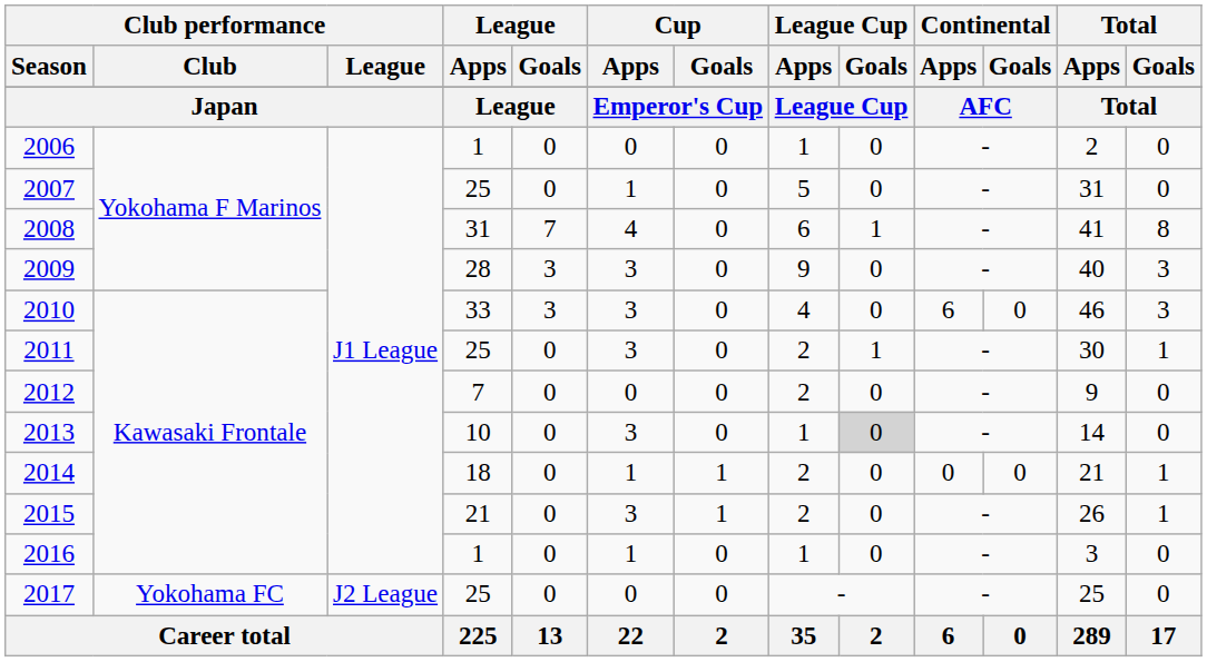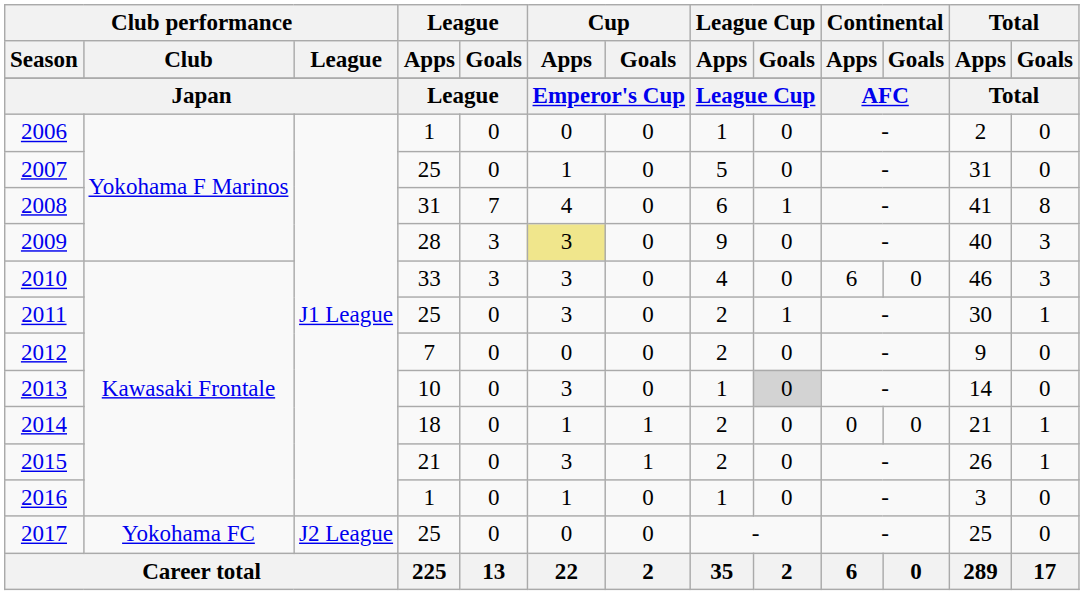 <table class="wikitable" style="text-align:center">
 <tr>
 <th colspan=3>Club performance</th>
 <th colspan=2>League</th>
 <th colspan=2>Cup</th>
 <th colspan=2>League Cup</th>
 <th colspan=2>Continental</th>
 <th colspan=2>Total</th>
 </tr>
 <tr>
 <th>Season</th>
 <th>Club</th>
 <th>League</th>
 <th>Apps</th>
 <th>Goals</th>
 <th>Apps</th>
 <th>Goals</th>
 <th>Apps</th>
 <th>Goals</th>
 <th>Apps</th>
 <th>Goals</th>
 <th>Apps</th>
 <th>Goals</th>
 </tr>
 <tr>
 </tr>
 <tr>
 <th colspan=3>Japan</th>
 <th colspan=2>League</th>
 <th colspan=2><a href='#'>Emperor's Cup</a></th>
 <th colspan=2><a href='#'>League Cup</a></th>
 <th colspan=2><a href='#'>AFC</a></th>
 <th colspan=2>Total</th>
 </tr>
 <tr>
 <td><a href='#'>2006</a></td>
 <td rowspan="4"><a href='#'>Yokohama F Marinos</a></td>
 <td rowspan="11"><a href='#'>J1 League</a></td>
 <td>1</td>
 <td>0</td>
 <td>0</td>
 <td>0</td>
 <td>1</td>
 <td>0</td>
 <td colspan="2">-</td>
 <td>2</td>
 <td>0</td>
 </tr>
 <tr>
 <td><a href='#'>2007</a></td>
 <td>25</td>
 <td>0</td>
 <td>1</td>
 <td>0</td>
 <td>5</td>
 <td>0</td>
 <td colspan="2">-</td>
 <td>31</td>
 <td>0</td>
 </tr>
 <tr>
 <td><a href='#'>2008</a></td>
 <td>31</td>
 <td>7</td>
 <td>4</td>
 <td>0</td>
 <td>6</td>
 <td>1</td>
 <td colspan="2">-</td>
 <td>41</td>
 <td>8</td>
 </tr>
 <tr>
 <td><a href='#'>2009</a></td>
 <td>28</td>
 <td>3</td>
-<td>3</td>
+<td style="background: khaki;">3</td>
 <td>0</td>
 <td>9</td>
 <td>0</td>
 <td colspan="2">-</td>
 <td>40</td>
 <td>3</td>
 </tr>
 <tr>
 <td><a href='#'>2010</a></td>
 <td rowspan="7"><a href='#'>Kawasaki Frontale</a></td>
 <td>33</td>
 <td>3</td>
 <td>3</td>
 <td>0</td>
 <td>4</td>
 <td>0</td>
 <td>6</td>
 <td>0</td>
 <td>46</td>
 <td>3</td>
 </tr>
 <tr>
 <td><a href='#'>2011</a></td>
 <td>25</td>
 <td>0</td>
 <td>3</td>
 <td>0</td>
 <td>2</td>
 <td>1</td>
 <td colspan="2">-</td>
 <td>30</td>
 <td>1</td>
 </tr>
 <tr>
 <td><a href='#'>2012</a></td>
 <td>7</td>
 <td>0</td>
 <td>0</td>
 <td>0</td>
 <td>2</td>
 <td>0</td>
 <td colspan="2">-</td>
 <td>9</td>
 <td>0</td>
 </tr>
 <tr>
 <td><a href='#'>2013</a></td>
 <td>10</td>
 <td>0</td>
 <td>3</td>
 <td>0</td>
 <td>1</td>
 <td style="background: lightgrey;">0</td>
 <td colspan="2">-</td>
 <td>14</td>
 <td>0</td>
 </tr>
 <tr>
 <td><a href='#'>2014</a></td>
 <td>18</td>
 <td>0</td>
 <td>1</td>
 <td>1</td>
 <td>2</td>
 <td>0</td>
 <td>0</td>
 <td>0</td>
 <td>21</td>
 <td>1</td>
 </tr>
 <tr>
 <td><a href='#'>2015</a></td>
 <td>21</td>
 <td>0</td>
 <td>3</td>
 <td>1</td>
 <td>2</td>
 <td>0</td>
 <td colspan="2">-</td>
 <td>26</td>
 <td>1</td>
 </tr>
 <tr>
 <td><a href='#'>2016</a></td>
 <td>1</td>
 <td>0</td>
 <td>1</td>
 <td>0</td>
 <td>1</td>
 <td>0</td>
 <td colspan="2">-</td>
 <td>3</td>
 <td>0</td>
 </tr>
 <tr>
 <td><a href='#'>2017</a></td>
 <td><a href='#'>Yokohama FC</a></td>
 <td><a href='#'>J2 League</a></td>
 <td>25</td>
 <td>0</td>
 <td>0</td>
 <td>0</td>
 <td colspan="2">-</td>
 <td colspan="2">-</td>
 <td>25</td>
 <td>0</td>
 </tr>
 <tr>
 <th colspan=3>Career total</th>
 <th>225</th>
 <th>13</th>
 <th>22</th>
 <th>2</th>
 <th>35</th>
 <th>2</th>
 <th>6</th>
 <th>0</th>
 <th>289</th>
 <th>17</th>
 </tr>
 </table>
